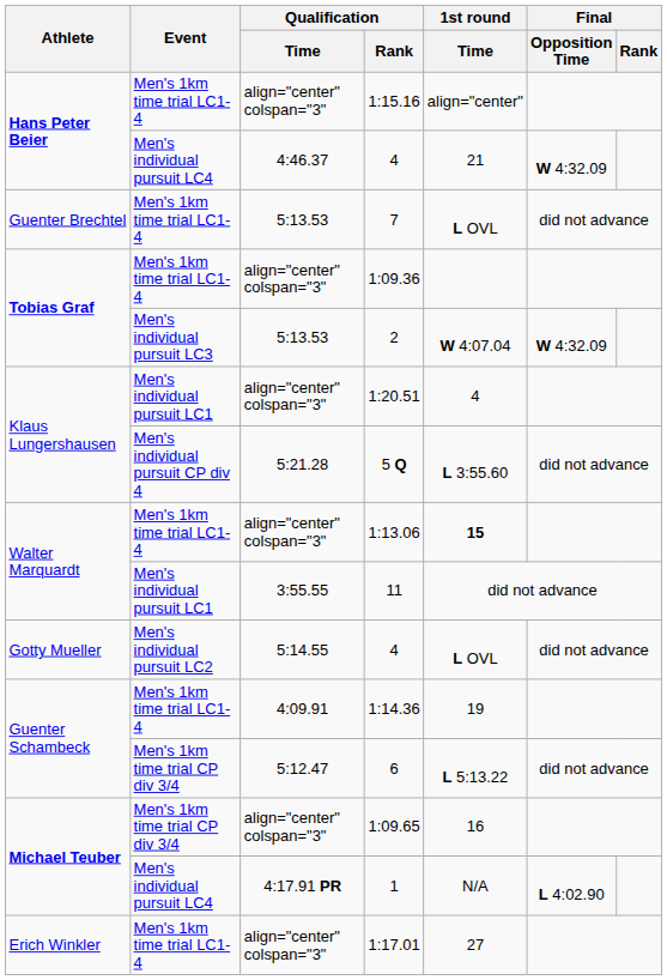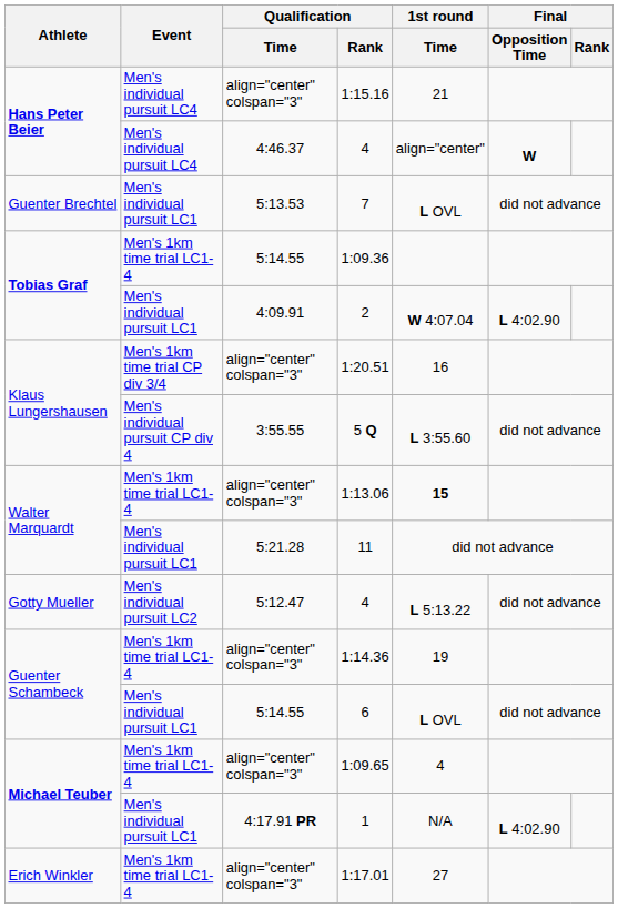 <table class=wikitable style="font-size:90%">
 <tr>
 <th rowspan="2">Athlete</th>
 <th rowspan="2">Event</th>
 <th colspan="2">Qualification</th>
 <th>1st round</th>
 <th colspan="2">Final</th>
 </tr>
 <tr>
 <th>Time</th>
 <th>Rank</th>
 <th>Time</th>
 <th>Opposition<br>Time</th>
 <th>Rank</th>
 </tr>
 <tr>
 <td rowspan="2"><strong><a href='#'>Hans Peter Beier</a></strong></td>
-<td><a href='#'>Men's 1km time trial LC1-4</a></td>
+<td><a href='#'>Men's individual pursuit LC4</a></td>
 <td>align="center" colspan="3" </td>
 <td align="center">1:15.16</td>
-<td>align="center" </td>
+<td align="center">21</td>
 </tr>
 <tr>
 <td><a href='#'>Men's individual pursuit LC4</a></td>
 <td align="center">4:46.37</td>
 <td align="center">4</td>
-<td align="center">21</td>
-<td align="center"><br> <strong>W</strong> 4:32.09</td>
+<td>align="center" </td>
+<td align="center"><br> <strong>W</strong></td>
 <td align="center"></td>
 </tr>
 <tr>
 <td><a href='#'>Guenter Brechtel</a></td>
-<td><a href='#'>Men's 1km time trial LC1-4</a></td>
+<td><a href='#'>Men's individual pursuit LC1</a></td>
 <td align="center">5:13.53</td>
 <td align="center">7</td>
 <td align="center"><br> <strong>L</strong> OVL</td>
 <td align="center" colspan="2">did not advance</td>
 </tr>
 <tr>
 <td rowspan="2"><strong><a href='#'>Tobias Graf</a></strong></td>
 <td><a href='#'>Men's 1km time trial LC1-4</a></td>
-<td>align="center" colspan="3" </td>
+<td align="center">5:14.55</td>
 <td align="center">1:09.36</td>
 <td align="center"></td>
 </tr>
 <tr>
-<td><a href='#'>Men's individual pursuit LC3</a></td>
-<td align="center">5:13.53</td>
+<td><a href='#'>Men's individual pursuit LC1</a></td>
+<td align="center">4:09.91</td>
 <td align="center">2</td>
 <td align="center"><br> <strong>W</strong> 4:07.04</td>
-<td align="center"><br> <strong>W</strong> 4:32.09</td>
+<td align="center"><br> <strong>L</strong> 4:02.90</td>
 <td align="center"></td>
 </tr>
 <tr>
 <td rowspan="2"><a href='#'>Klaus Lungershausen</a></td>
-<td><a href='#'>Men's individual pursuit LC1</a></td>
+<td><a href='#'>Men's 1km time trial CP div 3/4</a></td>
 <td>align="center" colspan="3" </td>
 <td align="center">1:20.51</td>
-<td align="center">4</td>
+<td align="center">16</td>
 </tr>
 <tr>
 <td><a href='#'>Men's individual pursuit CP div 4</a></td>
-<td align="center">5:21.28</td>
+<td align="center">3:55.55</td>
 <td align="center">5 <strong>Q</strong></td>
 <td align="center"><br> <strong>L</strong> 3:55.60</td>
 <td align="center" colspan="2">did not advance</td>
 </tr>
 <tr>
 <td rowspan="2"><a href='#'>Walter Marquardt</a></td>
 <td><a href='#'>Men's 1km time trial LC1-4</a></td>
 <td>align="center" colspan="3" </td>
 <td align="center">1:13.06</td>
 <td align="center"><strong>15</strong></td>
 </tr>
 <tr>
 <td><a href='#'>Men's individual pursuit LC1</a></td>
-<td align="center">3:55.55</td>
+<td align="center">5:21.28</td>
 <td align="center">11</td>
 <td align="center" colspan="3">did not advance</td>
 </tr>
 <tr>
 <td><a href='#'>Gotty Mueller</a></td>
 <td><a href='#'>Men's individual pursuit LC2</a></td>
-<td align="center">5:14.55</td>
+<td align="center">5:12.47</td>
 <td align="center">4</td>
-<td align="center"><br> <strong>L</strong> OVL</td>
+<td align="center"><br> <strong>L</strong> 5:13.22</td>
 <td align="center" colspan="2">did not advance</td>
 </tr>
 <tr>
 <td rowspan="2"><a href='#'>Guenter Schambeck</a></td>
 <td><a href='#'>Men's 1km time trial LC1-4</a></td>
-<td align="center">4:09.91</td>
+<td>align="center" colspan="3" </td>
 <td align="center">1:14.36</td>
 <td align="center">19</td>
 </tr>
 <tr>
-<td><a href='#'>Men's 1km time trial CP div 3/4</a></td>
-<td align="center">5:12.47</td>
+<td><a href='#'>Men's individual pursuit LC1</a></td>
+<td align="center">5:14.55</td>
 <td align="center">6</td>
-<td align="center"><br> <strong>L</strong> 5:13.22</td>
+<td align="center"><br> <strong>L</strong> OVL</td>
 <td align="center" colspan="2">did not advance</td>
 </tr>
 <tr>
 <td rowspan="2"><strong><a href='#'>Michael Teuber</a></strong></td>
-<td><a href='#'>Men's 1km time trial CP div 3/4</a></td>
+<td><a href='#'>Men's 1km time trial LC1-4</a></td>
 <td>align="center" colspan="3" </td>
 <td align="center">1:09.65</td>
-<td align="center">16</td>
+<td align="center">4</td>
 </tr>
 <tr>
-<td><a href='#'>Men's individual pursuit LC4</a></td>
+<td><a href='#'>Men's individual pursuit LC1</a></td>
 <td align="center">4:17.91 <strong>PR</strong></td>
 <td align="center">1</td>
 <td align="center">N/A</td>
 <td align="center"><br> <strong>L</strong> 4:02.90</td>
 <td align="center"></td>
 </tr>
 <tr>
 <td><a href='#'>Erich Winkler</a></td>
 <td><a href='#'>Men's 1km time trial LC1-4</a></td>
 <td>align="center" colspan="3" </td>
 <td align="center">1:17.01</td>
 <td align="center">27</td>
 </tr>
 </table>
